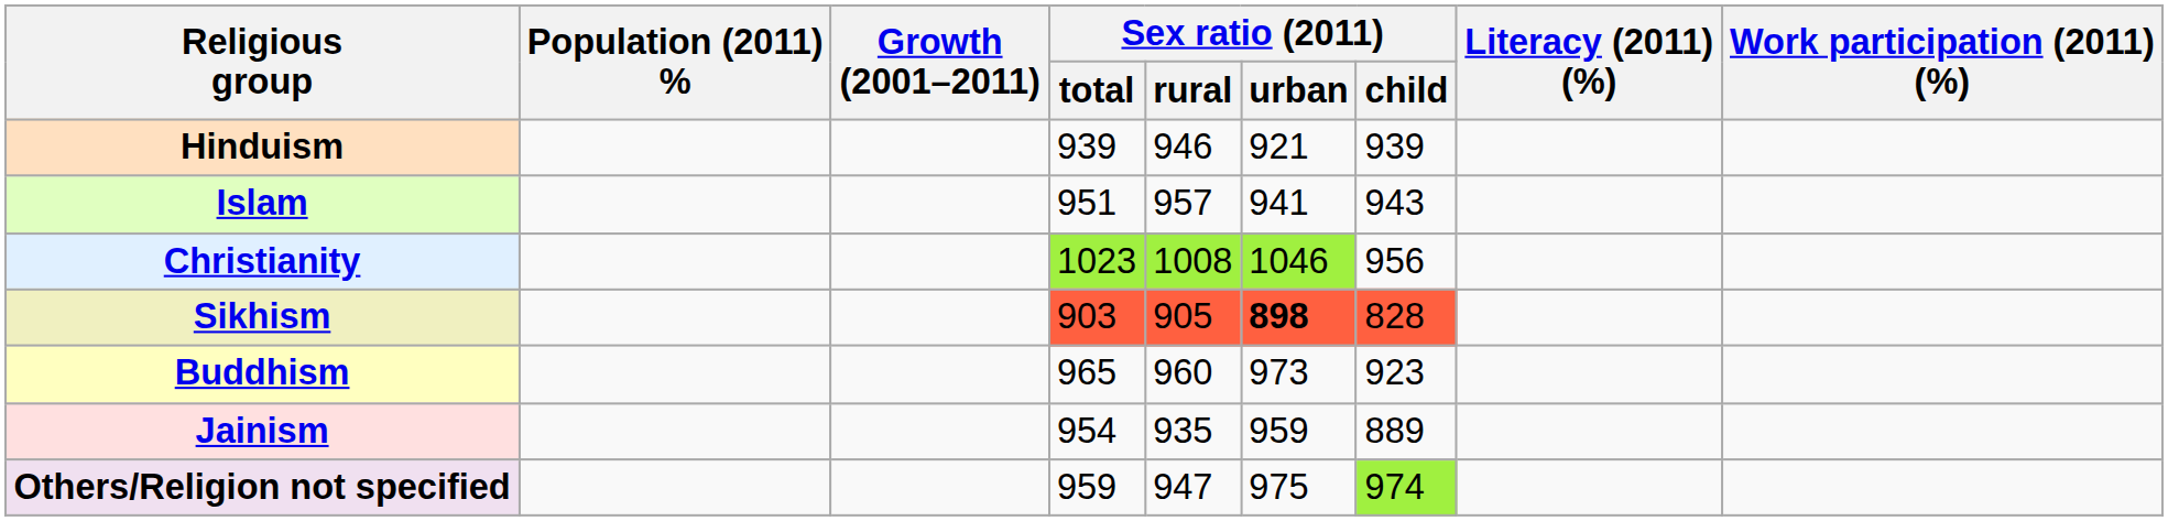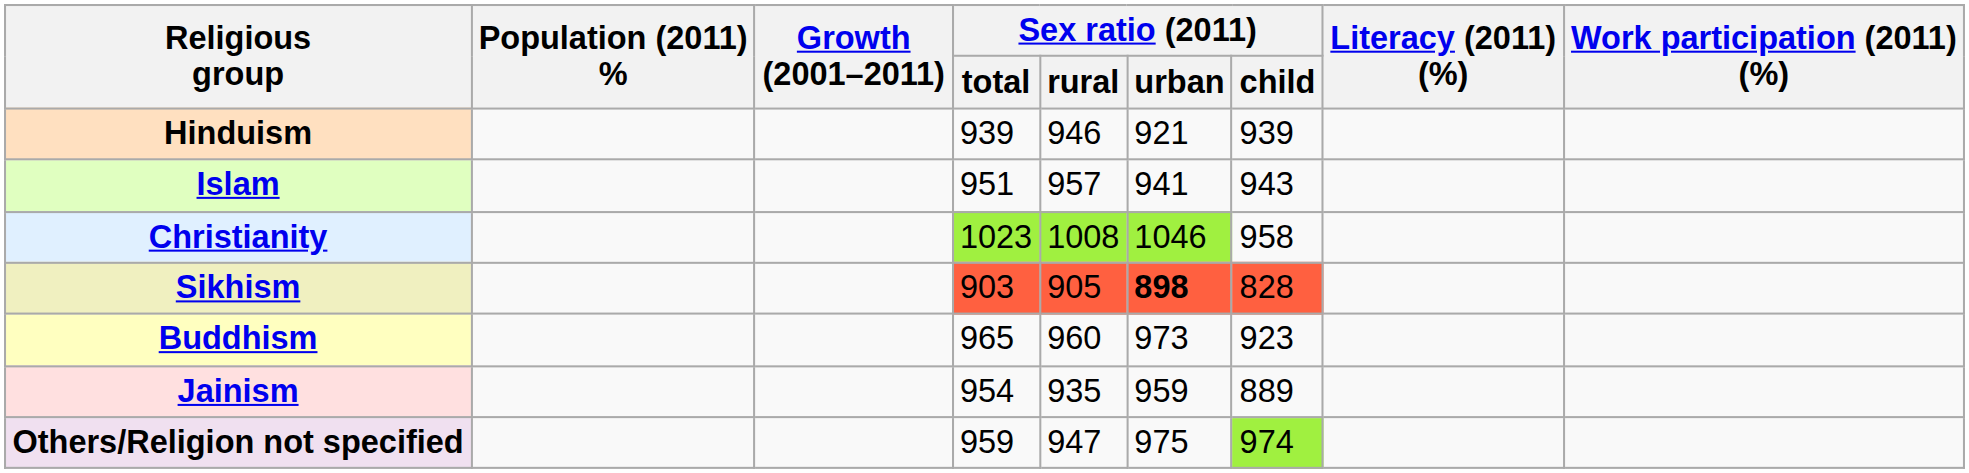 <table class="sortable wikitable">
 <tr>
 <th rowspan="2">Religious<br>group</th>
 <th rowspan="2">Population (2011)<br>%</th>
 <th rowspan="2"><a href='#'>Growth</a><br>(2001–2011)</th>
 <th colspan="4"><a href='#'>Sex ratio</a> (2011)</th>
 <th rowspan="2"><a href='#'>Literacy</a> (2011)<br>(%)</th>
 <th rowspan="2"><a href='#'>Work participation</a> (2011)<br>(%)</th>
 </tr>
 <tr>
 <th>total</th>
 <th>rural</th>
 <th>urban</th>
 <th>child</th>
 </tr>
 <tr>
 <th style="background:#FFE0C0;">Hinduism</th>
 <td></td>
 <td> </td>
 <td>939</td>
 <td>946</td>
 <td>921</td>
 <td>939</td>
 <td></td>
 <td></td>
 </tr>
 <tr>
 <th style="background:#E0FFC0;"><a href='#'>Islam</a></th>
 <td></td>
 <td></td>
 <td>951</td>
 <td>957</td>
 <td>941</td>
 <td>943</td>
 <td></td>
 <td></td>
 </tr>
 <tr>
 <th style="background:#E0F0FF;"><a href='#'>Christianity</a></th>
 <td></td>
 <td></td>
 <td style="background:#A0F040;">1023</td>
 <td ! style="background:#A0F040;">1008</td>
 <td ! style="background:#A0F040;">1046</td>
-<td>956</td>
+<td>958</td>
 <td></td>
 <td></td>
 </tr>
 <tr>
 <th style="background:#F0F0C0;"><a href='#'>Sikhism</a></th>
 <td></td>
 <td></td>
 <td style="background:#FF6040;">903</td>
 <td ! style="background:#FF6040;">905</td>
 <td ! style="background:#FF6040;"><strong>898</strong></td>
 <td ! style="background:#FF6040;">828</td>
 <td></td>
 <td></td>
 </tr>
 <tr>
 <th style="background:#FFFFC0;"><a href='#'>Buddhism</a></th>
 <td></td>
 <td></td>
 <td>965</td>
 <td>960</td>
 <td>973</td>
 <td>923</td>
 <td></td>
 <td></td>
 </tr>
 <tr>
 <th style="background:#FFE0E0;"><a href='#'>Jainism</a></th>
 <td></td>
 <td></td>
 <td>954</td>
 <td>935</td>
 <td>959</td>
 <td>889</td>
 <td></td>
 <td></td>
 </tr>
 <tr>
 <th style="background:#F0E0F0;">Others/Religion not specified</th>
 <td></td>
 <td></td>
 <td>959</td>
 <td>947</td>
 <td>975</td>
 <td ! style="background:#A0F040;">974</td>
 <td></td>
 <td></td>
 </tr>
 </table>
